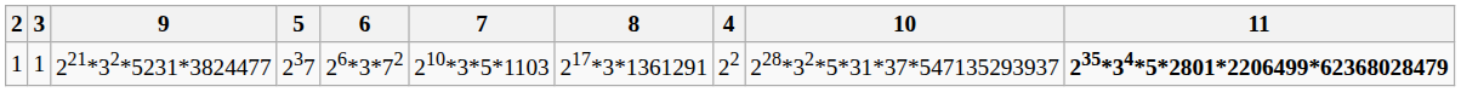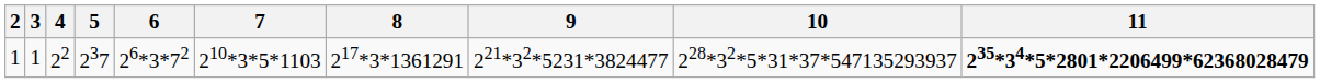 <table class="wikitable">
 <tr>
 <th>2</th>
 <th>3</th>
-<th>9</th>
+<th>4</th>
 <th>5</th>
 <th>6</th>
 <th>7</th>
 <th>8</th>
-<th>4</th>
+<th>9</th>
 <th>10</th>
 <th>11</th>
 </tr>
 <tr>
 <td>1</td>
 <td>1</td>
-<td>2<sup>21</sup>*3<sup>2</sup>*5231*3824477</td>
+<td>2<sup>2</sup></td>
 <td>2<sup>3</sup>7</td>
 <td>2<sup>6</sup>*3*7<sup>2</sup></td>
 <td>2<sup>10</sup>*3*5*1103</td>
 <td>2<sup>17</sup>*3*1361291</td>
-<td>2<sup>2</sup></td>
+<td>2<sup>21</sup>*3<sup>2</sup>*5231*3824477</td>
 <td>2<sup>28</sup>*3<sup>2</sup>*5*31*37*547135293937</td>
 <td><strong>2<sup>35</sup>*3<sup>4</sup>*5*2801*2206499*62368028479</strong></td>
 </tr>
 </table>
